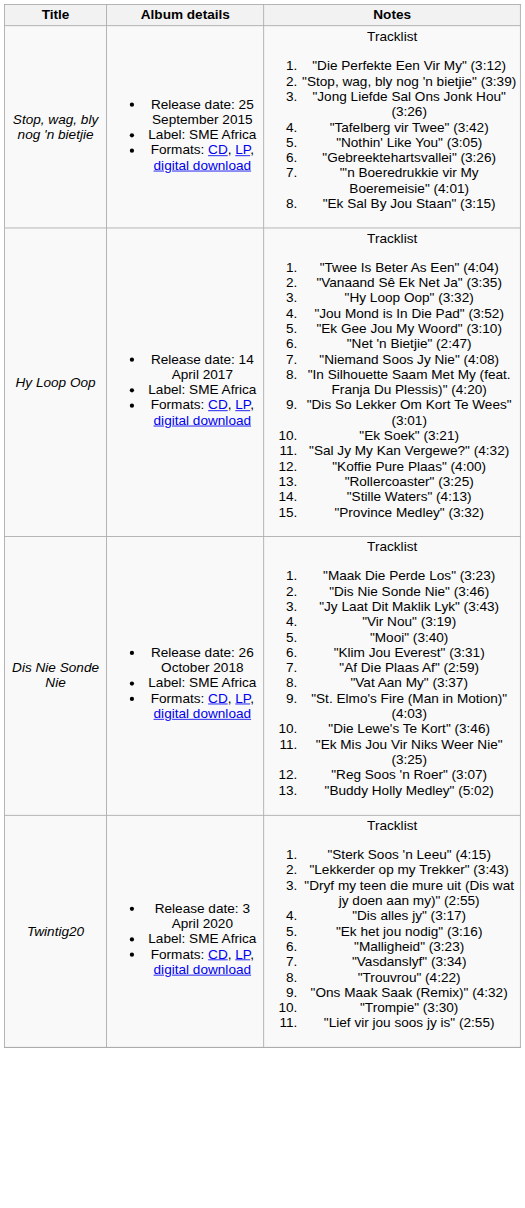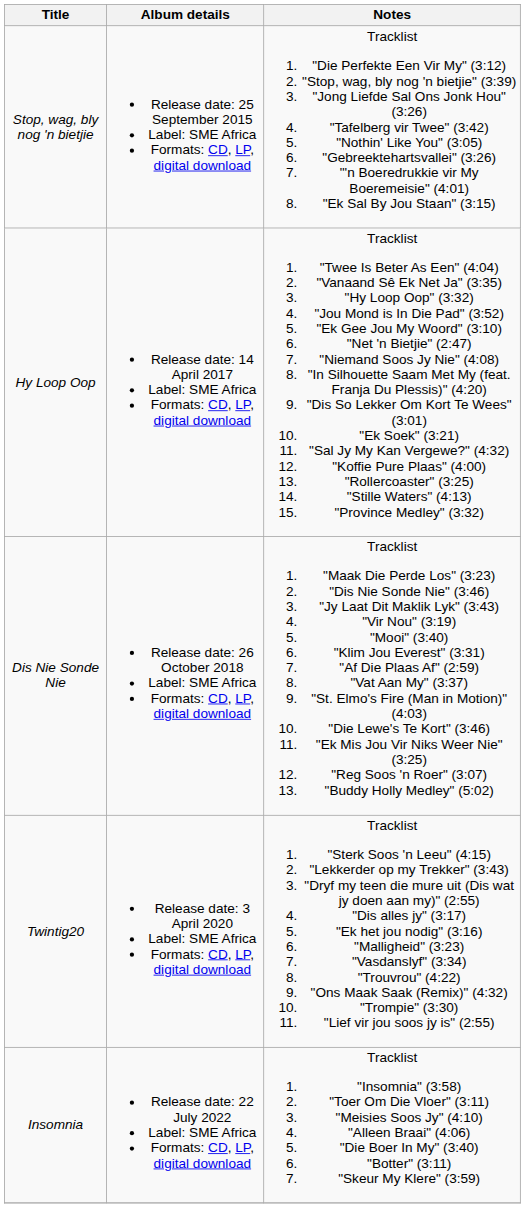 <table class="wikitable plainrowheaders" style="text-align:center;">
 <tr>
 <th scope="col" rowspan="1">Title</th>
 <th scope="col" rowspan="1">Album details</th>
 <th scope="col" rowspan="1">Notes</th>
 </tr>
 <tr>
 <td><em>Stop, wag, bly nog 'n bietjie</em></td>
 <td><br><ul><li>Release date: 25 September 2015</li><li>Label: SME Africa</li><li>Formats: <a href='#'>CD</a>, <a href='#'>LP</a>, <a href='#'>digital download</a></li></ul></td>
 <td>Tracklist<br><ol><li>"Die Perfekte Een Vir My" (3:12)</li><li>"Stop, wag, bly nog 'n bietjie" (3:39)</li><li>"Jong Liefde Sal Ons Jonk Hou" (3:26)</li><li>"Tafelberg vir Twee" (3:42)</li><li>"Nothin' Like You" (3:05)</li><li>"Gebreektehartsvallei" (3:26)</li><li>"'n Boeredrukkie vir My Boeremeisie" (4:01)</li><li>"Ek Sal By Jou Staan" (3:15)</li></ol></td>
 </tr>
 <tr>
 <td><em>Hy Loop Oop</em></td>
 <td><br><ul><li>Release date: 14 April 2017</li><li>Label: SME Africa</li><li>Formats: <a href='#'>CD</a>, <a href='#'>LP</a>, <a href='#'>digital download</a></li></ul></td>
 <td>Tracklist<br><ol><li>"Twee Is Beter As Een" (4:04)</li><li>"Vanaand Sê Ek Net Ja" (3:35)</li><li>"Hy Loop Oop" (3:32)</li><li>"Jou Mond is In Die Pad" (3:52)</li><li>"Ek Gee Jou My Woord" (3:10)</li><li>"Net 'n Bietjie" (2:47)</li><li>"Niemand Soos Jy Nie" (4:08)</li><li>"In Silhouette Saam Met My (feat. Franja Du Plessis)" (4:20)</li><li>"Dis So Lekker Om Kort Te Wees" (3:01)</li><li>"Ek Soek" (3:21)</li><li>"Sal Jy My Kan Vergewe?" (4:32)</li><li>"Koffie Pure Plaas" (4:00)</li><li>"Rollercoaster" (3:25)</li><li>"Stille Waters" (4:13)</li><li>"Province Medley"  (3:32)</li></ol></td>
 </tr>
 <tr>
 <td><em>Dis Nie Sonde Nie</em></td>
 <td><br><ul><li>Release date: 26 October 2018</li><li>Label: SME Africa</li><li>Formats: <a href='#'>CD</a>, <a href='#'>LP</a>, <a href='#'>digital download</a></li></ul></td>
 <td>Tracklist<br><ol><li>"Maak Die Perde Los" (3:23)</li><li>"Dis Nie Sonde Nie" (3:46)</li><li>"Jy Laat Dit Maklik Lyk" (3:43)</li><li>"Vir Nou" (3:19)</li><li>"Mooi" (3:40)</li><li>"Klim Jou Everest" (3:31)</li><li>"Af Die Plaas Af" (2:59)</li><li>"Vat Aan My" (3:37)</li><li>"St. Elmo's Fire (Man in Motion)" (4:03)</li><li>"Die Lewe's Te Kort" (3:46)</li><li>"Ek Mis Jou Vir Niks Weer Nie" (3:25)</li><li>"Reg Soos 'n Roer" (3:07)</li><li>"Buddy Holly Medley" (5:02)</li></ol></td>
 </tr>
 <tr>
 <td><em>Twintig20</em></td>
 <td><br><ul><li>Release date: 3 April 2020</li><li>Label: SME Africa</li><li>Formats: <a href='#'>CD</a>, <a href='#'>LP</a>, <a href='#'>digital download</a></li></ul></td>
 <td>Tracklist<br><ol><li>"Sterk Soos 'n Leeu" (4:15)</li><li>"Lekkerder op my Trekker" (3:43)</li><li>"Dryf my teen die mure uit (Dis wat jy doen aan my)" (2:55)</li><li>"Dis alles jy" (3:17)</li><li>"Ek het jou nodig" (3:16)</li><li>"Malligheid" (3:23)</li><li>"Vasdanslyf" (3:34)</li><li>"Trouvrou" (4:22)</li><li>"Ons Maak Saak (Remix)" (4:32)</li><li>"Trompie" (3:30)</li><li>"Lief vir jou soos jy is" (2:55)</li></ol></td>
 </tr>
 <tr>
+<td><em>Insomnia</em></td>
+<td><br><ul><li>Release date: 22 July 2022</li><li>Label: SME Africa</li><li>Formats: <a href='#'>CD</a>, <a href='#'>LP</a>, <a href='#'>digital download</a></li></ul></td>
+<td>Tracklist<br><ol><li>"Insomnia" (3:58)</li><li>"Toer Om Die Vloer" (3:11)</li><li>"Meisies Soos Jy" (4:10)</li><li>"Alleen Braai" (4:06)</li><li>"Die Boer In My" (3:40)</li><li>"Botter" (3:11)</li><li>"Skeur My Klere" (3:59)</li></ol></td>
+</tr>
+<tr>
 </tr>
 </table>
